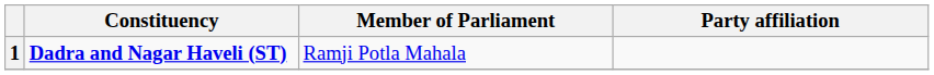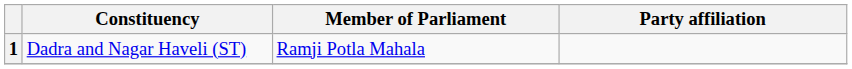 <table class="wikitable sortable">
 <tr style="text-align:center;">
 <th></th>
 <th style="width:13em">Constituency</th>
 <th style="width:15em">Member of Parliament</th>
 <th colspan="2" style="width:15em">Party affiliation</th>
 </tr>
 <tr>
 <th>1</th>
-<td><strong><a href='#'>Dadra and Nagar Haveli (ST)</a></strong></td>
+<td><a href='#'>Dadra and Nagar Haveli (ST)</a></td>
 <td><a href='#'>Ramji Potla Mahala</a></td>
 <td></td>
 </tr>
 <tr>
 </tr>
 </table>
